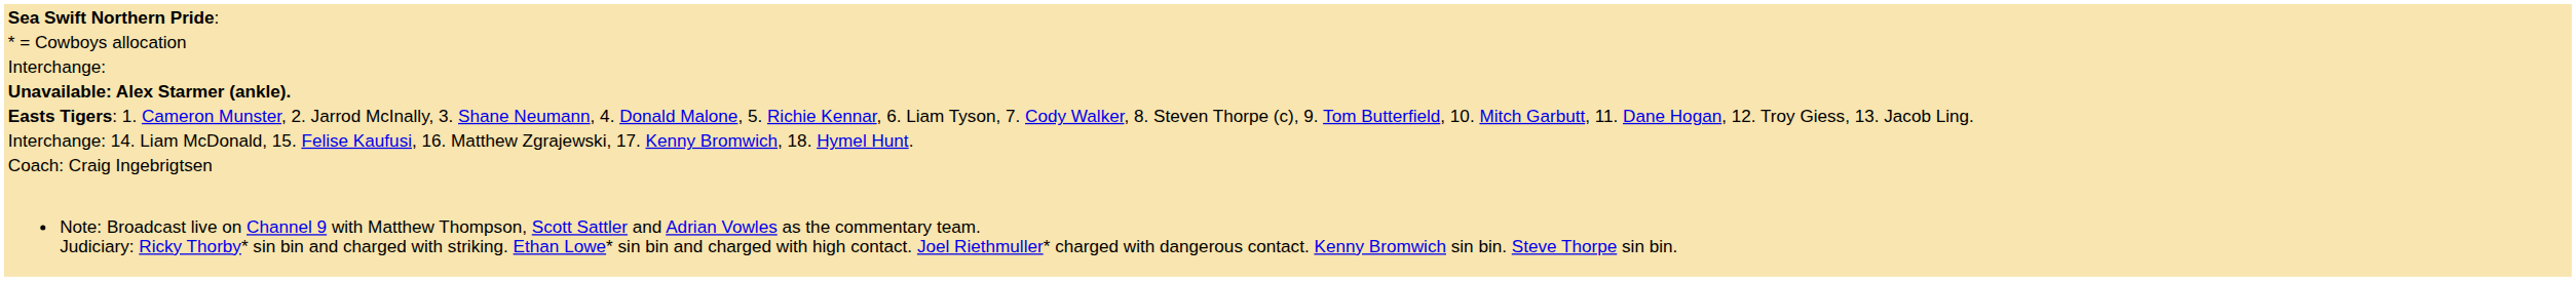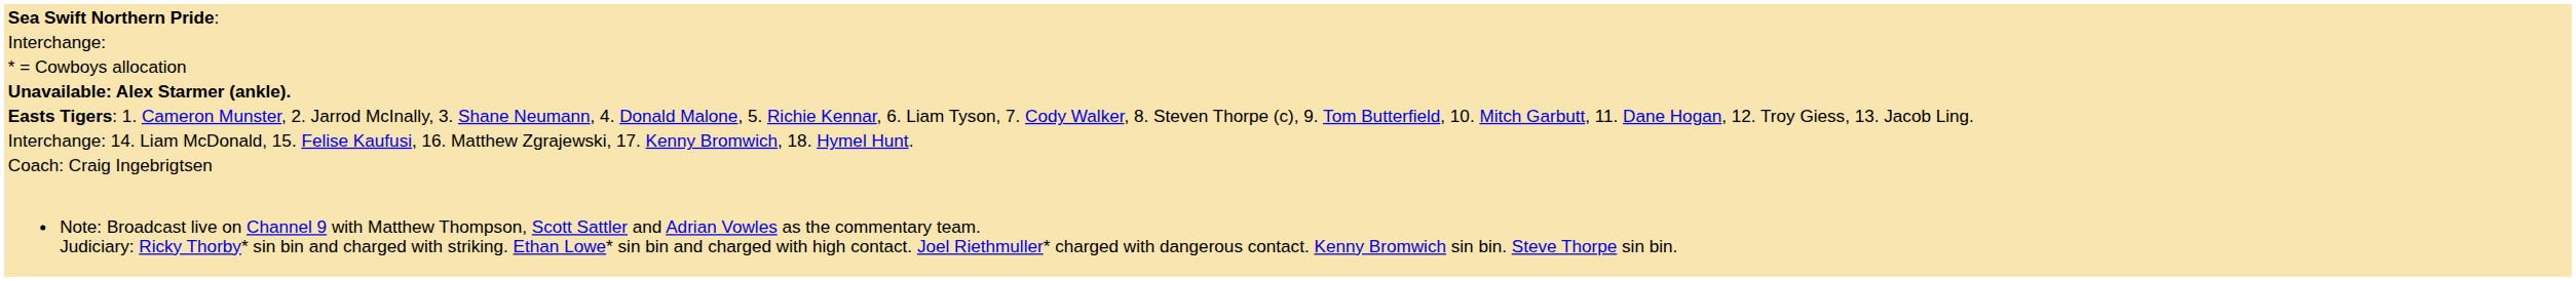 <table style="background:#f8e5af; font-size:85%; width:100%;">
 <tr>
 <td><strong>Sea Swift Northern Pride</strong>:             </td>
 </tr>
 <tr>
-<td>* = Cowboys allocation</td>
+<td>Interchange:    </td>
 </tr>
 <tr>
-<td>Interchange:    </td>
+<td>* = Cowboys allocation</td>
 </tr>
 <tr>
 <td><strong>Unavailable: Alex Starmer (ankle).</strong></td>
 </tr>
 <tr>
 <td><strong>Easts Tigers</strong>:  1. <a href='#'>Cameron Munster</a>, 2. Jarrod McInally, 3. <a href='#'>Shane Neumann</a>, 4. <a href='#'>Donald Malone</a>, 5. <a href='#'>Richie Kennar</a>, 6. Liam Tyson, 7. <a href='#'>Cody Walker</a>, 8. Steven Thorpe (c), 9. <a href='#'>Tom Butterfield</a>, 10. <a href='#'>Mitch Garbutt</a>, 11. <a href='#'>Dane Hogan</a>, 12. Troy Giess, 13. Jacob Ling.</td>
 </tr>
 <tr>
 <td>Interchange: 14. Liam McDonald, 15. <a href='#'>Felise Kaufusi</a>, 16. Matthew Zgrajewski, 17. <a href='#'>Kenny Bromwich</a>, 18. <a href='#'>Hymel Hunt</a>.</td>
 </tr>
 <tr>
 <td>Coach: Craig Ingebrigtsen</td>
 </tr>
 <tr>
 <td><br><ul><li>Note: Broadcast live on <a href='#'>Channel 9</a> with Matthew Thompson, <a href='#'>Scott Sattler</a> and <a href='#'>Adrian Vowles</a> as the commentary team.<br>Judiciary: <a href='#'>Ricky Thorby</a>* sin bin and charged with striking. <a href='#'>Ethan Lowe</a>* sin bin and charged with high contact. <a href='#'>Joel Riethmuller</a>* charged with dangerous contact. <a href='#'>Kenny Bromwich</a> sin bin. <a href='#'>Steve Thorpe</a> sin bin.</li></ul></td>
 </tr>
 </table>
